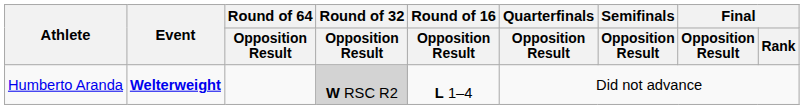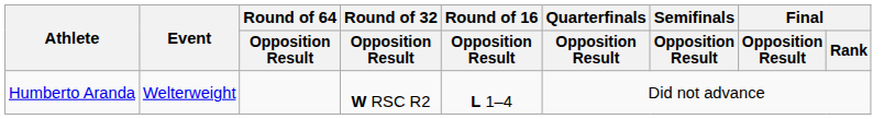 <table class="wikitable" style="font-size:90%">
 <tr>
 <th rowspan="2">Athlete</th>
 <th rowspan="2">Event</th>
 <th>Round of 64</th>
 <th>Round of 32</th>
 <th>Round of 16</th>
 <th>Quarterfinals</th>
 <th>Semifinals</th>
 <th colspan=2>Final</th>
 </tr>
 <tr style="font-size:95%">
 <th>Opposition<br>Result</th>
 <th>Opposition<br>Result</th>
 <th>Opposition<br>Result</th>
 <th>Opposition<br>Result</th>
 <th>Opposition<br>Result</th>
 <th>Opposition<br>Result</th>
 <th>Rank</th>
 </tr>
 <tr align=center>
 <td align=left><a href='#'>Humberto Aranda</a></td>
-<td align=left><strong><a href='#'>Welterweight</a></strong></td>
+<td align=left><a href='#'>Welterweight</a></td>
 <td></td>
-<td style="background: lightgrey;"><br><strong>W</strong> RSC R2</td>
+<td><br><strong>W</strong> RSC R2</td>
 <td><br><strong>L</strong> 1–4</td>
 <td colspan=4>Did not advance</td>
 </tr>
 </table>
